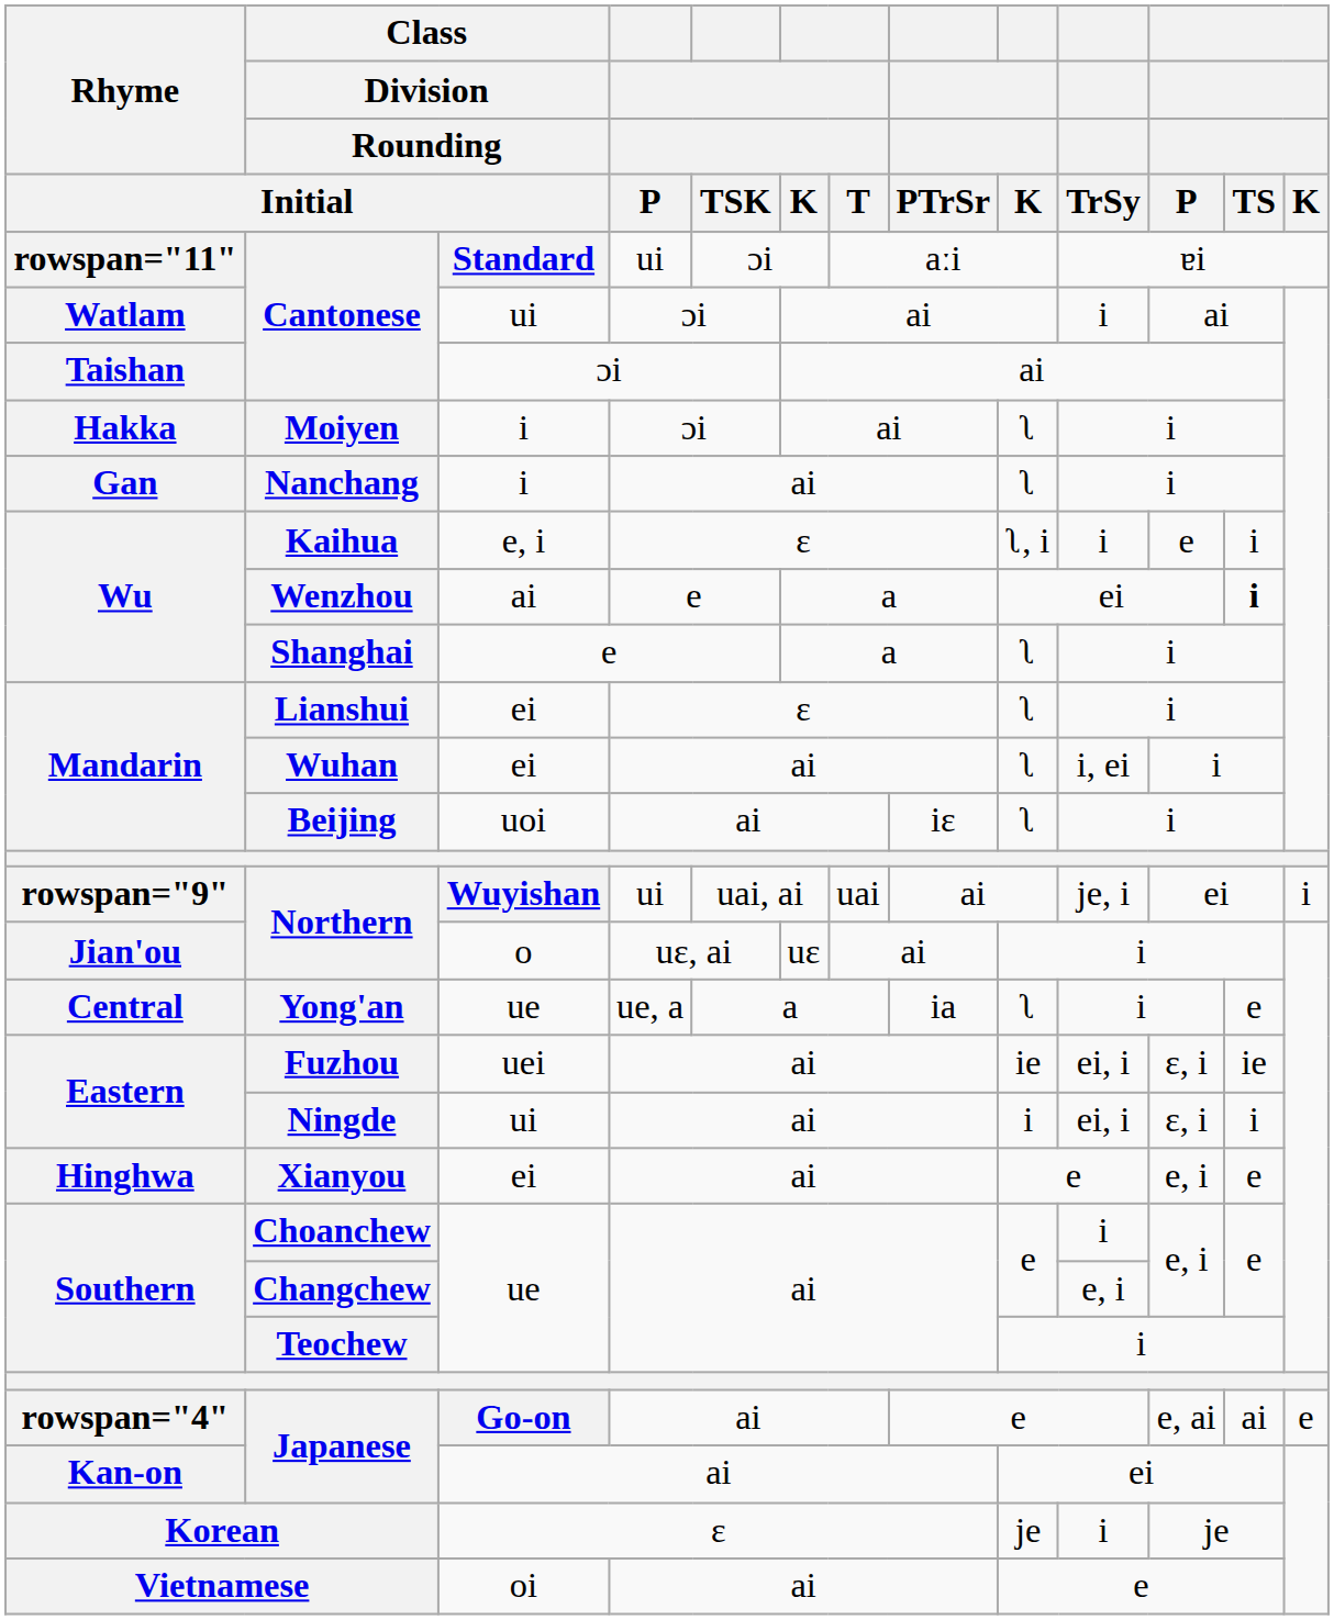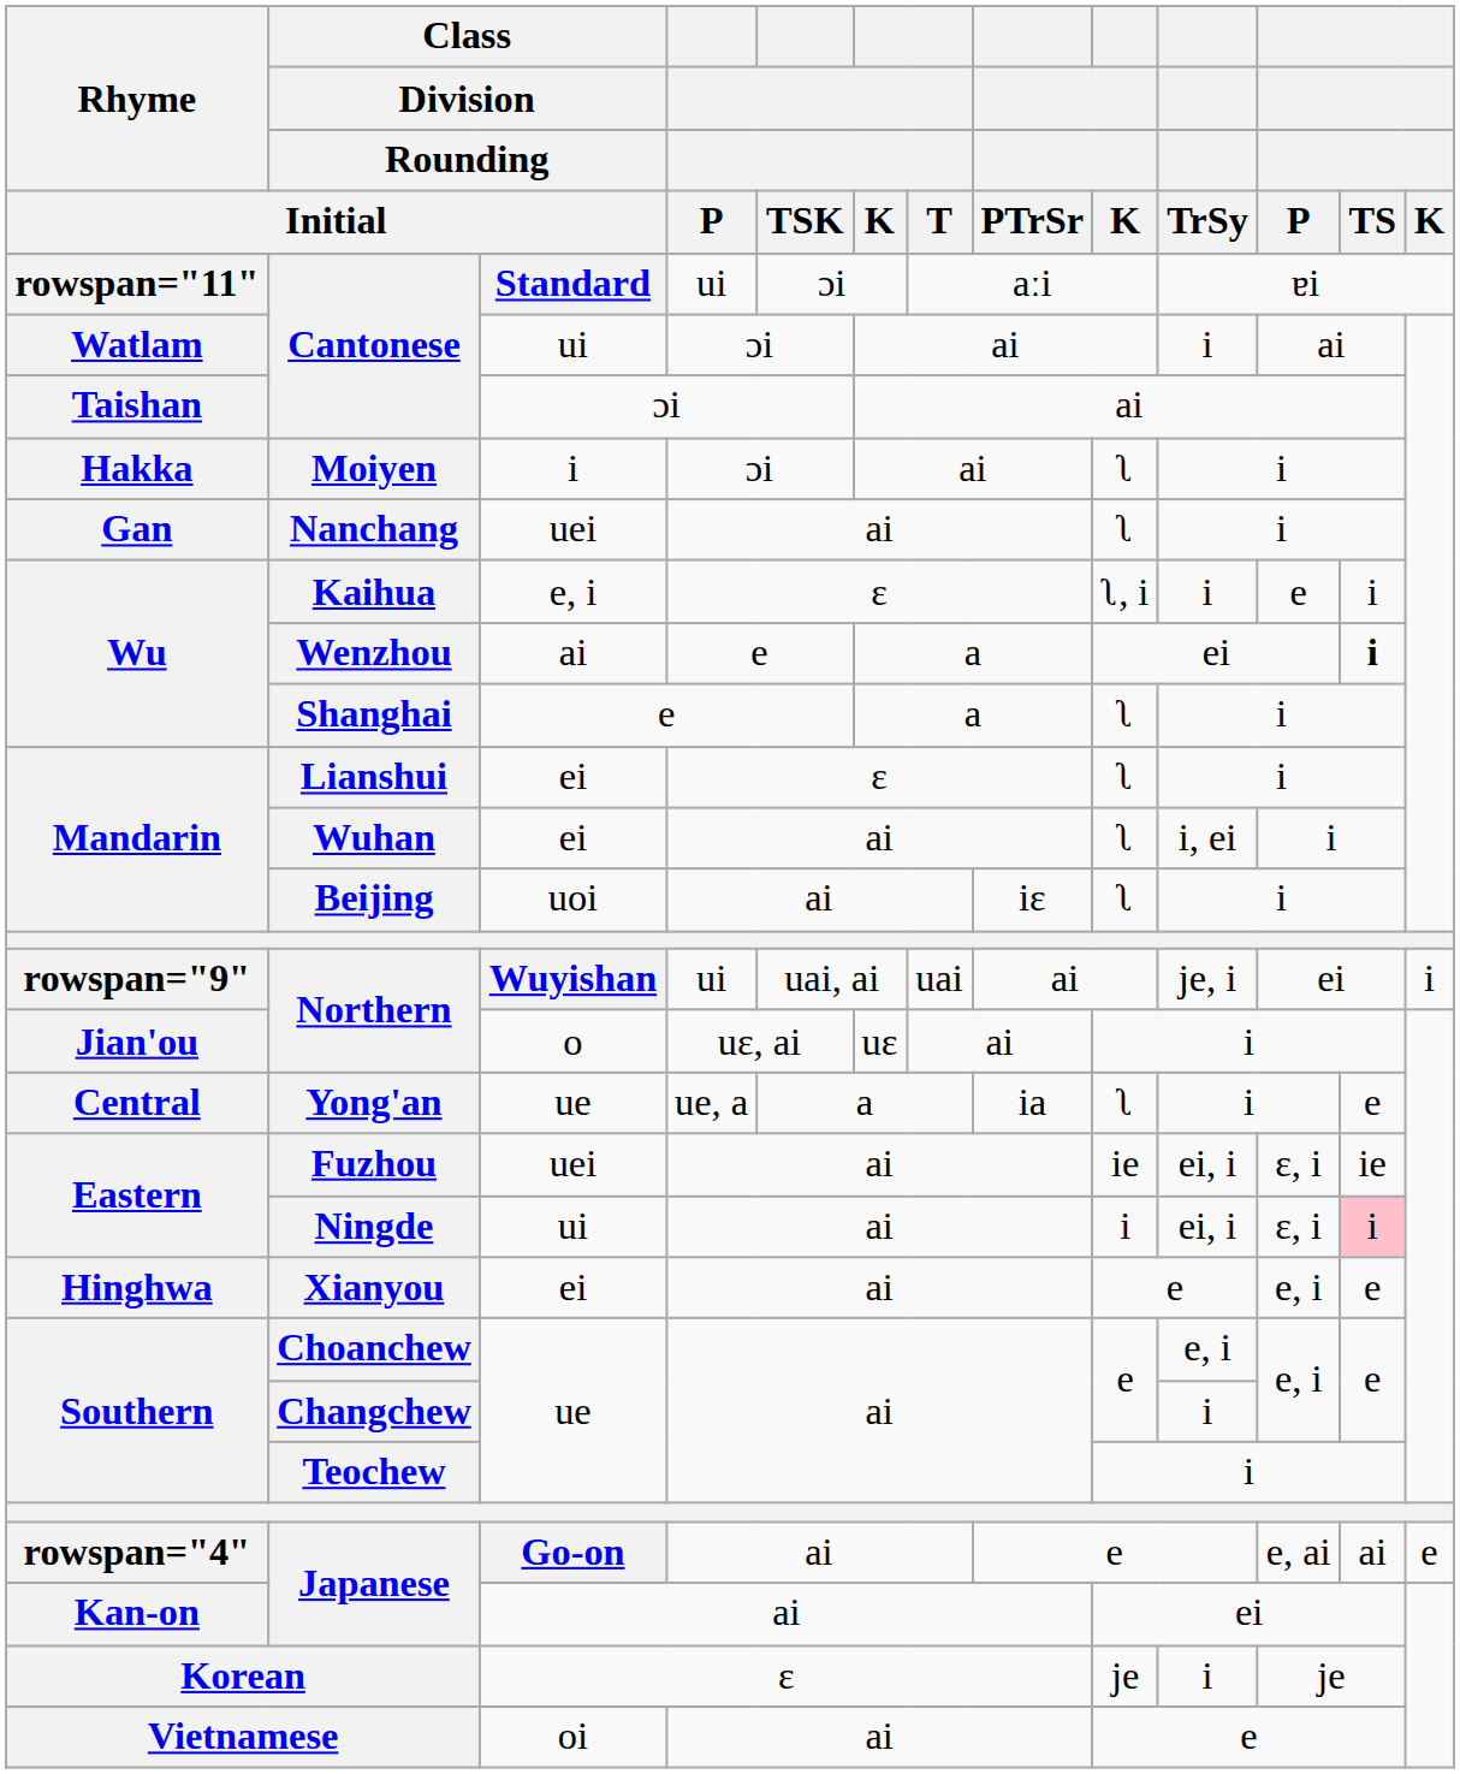 <table class="wikitable" style="text-align: center;">
 <tr>
 <th rowspan="3">Rhyme</th>
 <th colspan="2">Class</th>
 <th></th>
 <th></th>
 <th colspan="2"></th>
 <th></th>
 <th></th>
 <th></th>
 <th colspan="3"></th>
 </tr>
 <tr>
 <th colspan="2">Division</th>
 <th colspan="4"></th>
 <th colspan="2"></th>
 <th></th>
 <th colspan="3"></th>
 </tr>
 <tr>
 <th colspan="2">Rounding</th>
 <th colspan="4"></th>
 <th colspan="2"></th>
 <th></th>
 <th colspan="3"></th>
 </tr>
 <tr>
 <th colspan="3">Initial</th>
 <th>P</th>
 <th>TSK</th>
 <th>K</th>
 <th>T</th>
 <th>PTrSr</th>
 <th>K</th>
 <th>TrSy</th>
 <th>P</th>
 <th>TS</th>
 <th>K</th>
 </tr>
 <tr>
 <th>rowspan="11" </th>
 <th rowspan="3"><a href='#'>Cantonese</a></th>
 <th><a href='#'>Standard</a></th>
 <td>ui</td>
 <td colspan="2">ɔi</td>
 <td colspan="3">aːi</td>
 <td colspan="4">ɐi</td>
 </tr>
 <tr>
 <th><a href='#'>Watlam</a></th>
 <td>ui</td>
 <td colspan="2">ɔi</td>
 <td colspan="4">ai</td>
 <td>i</td>
 <td colspan="2">ai</td>
 </tr>
 <tr>
 <th><a href='#'>Taishan</a></th>
 <td colspan="3">ɔi</td>
 <td colspan="7">ai</td>
 </tr>
 <tr>
 <th><a href='#'>Hakka</a></th>
 <th><a href='#'>Moiyen</a></th>
 <td>i</td>
 <td colspan="2">ɔi</td>
 <td colspan="3">ai</td>
 <td>ʅ</td>
 <td colspan="3">i</td>
 </tr>
 <tr>
 <th><a href='#'>Gan</a></th>
 <th><a href='#'>Nanchang</a></th>
-<td>i</td>
+<td>uei</td>
 <td colspan="5">ai</td>
 <td>ʅ</td>
 <td colspan="3">i</td>
 </tr>
 <tr>
 <th rowspan="3"><a href='#'>Wu</a></th>
 <th><a href='#'>Kaihua</a></th>
 <td>e, i</td>
 <td colspan="5">ɛ</td>
 <td>ʅ, i</td>
 <td>i</td>
 <td>e</td>
 <td>i</td>
 </tr>
 <tr>
 <th><a href='#'>Wenzhou</a></th>
 <td>ai</td>
 <td colspan="2">e</td>
 <td colspan="3">a</td>
 <td colspan="3">ei</td>
 <td><strong>i</strong></td>
 </tr>
 <tr>
 <th><a href='#'>Shanghai</a></th>
 <td colspan="3">e</td>
 <td colspan="3">a</td>
 <td>ʅ</td>
 <td colspan="3">i</td>
 </tr>
 <tr>
 <th rowspan="3"><a href='#'>Mandarin</a></th>
 <th><a href='#'>Lianshui</a></th>
 <td>ei</td>
 <td colspan="5">ɛ</td>
 <td>ʅ</td>
 <td colspan="3">i</td>
 </tr>
 <tr>
 <th><a href='#'>Wuhan</a></th>
 <td>ei</td>
 <td colspan="5">ai</td>
 <td>ʅ</td>
 <td>i, ei</td>
 <td colspan="2">i</td>
 </tr>
 <tr>
 <th><a href='#'>Beijing</a></th>
 <td>uoi</td>
 <td colspan="4">ai</td>
 <td>iɛ</td>
 <td>ʅ</td>
 <td colspan="3">i</td>
 </tr>
 <tr>
 <th colspan="13"></th>
 </tr>
 <tr>
 <th>rowspan="9" </th>
 <th rowspan="2"><a href='#'>Northern</a></th>
 <th><a href='#'>Wuyishan</a></th>
 <td>ui</td>
 <td colspan="2">uai, ai</td>
 <td>uai</td>
 <td colspan="2">ai</td>
 <td>je, i</td>
 <td colspan="2">ei</td>
 <td>i</td>
 </tr>
 <tr>
 <th><a href='#'>Jian'ou</a></th>
 <td>o</td>
 <td colspan="2">uɛ, ai</td>
 <td>uɛ</td>
 <td colspan="2">ai</td>
 <td colspan="4">i</td>
 </tr>
 <tr>
 <th><a href='#'>Central</a></th>
 <th><a href='#'>Yong'an</a></th>
 <td>ue</td>
 <td>ue, a</td>
 <td colspan="3">a</td>
 <td>ia</td>
 <td>ʅ</td>
 <td colspan="2">i</td>
 <td>e</td>
 </tr>
 <tr>
 <th rowspan="2"><a href='#'>Eastern</a></th>
 <th><a href='#'>Fuzhou</a></th>
 <td>uei</td>
 <td colspan="5">ai</td>
 <td>ie</td>
 <td>ei, i</td>
 <td>ɛ, i</td>
 <td>ie</td>
 </tr>
 <tr>
 <th><a href='#'>Ningde</a></th>
 <td>ui</td>
 <td colspan="5">ai</td>
 <td>i</td>
 <td>ei, i</td>
 <td>ɛ, i</td>
-<td>i</td>
+<td style="background: pink;">i</td>
 </tr>
 <tr>
 <th><a href='#'>Hinghwa</a></th>
 <th><a href='#'>Xianyou</a></th>
 <td>ei</td>
 <td colspan="5">ai</td>
 <td colspan="2">e</td>
 <td>e, i</td>
 <td>e</td>
 </tr>
 <tr>
 <th rowspan="3"><a href='#'>Southern</a></th>
 <th><a href='#'>Choanchew</a></th>
 <td rowspan="3">ue</td>
 <td colspan="5" rowspan="3">ai</td>
 <td rowspan="2">e</td>
-<td>i</td>
+<td>e, i</td>
 <td rowspan="2">e, i</td>
 <td rowspan="2">e</td>
 </tr>
 <tr>
 <th><a href='#'>Changchew</a></th>
-<td>e, i</td>
+<td>i</td>
 </tr>
 <tr>
 <th><a href='#'>Teochew</a></th>
 <td colspan="4">i</td>
 </tr>
 <tr>
 <th colspan="13"></th>
 </tr>
 <tr>
 <th>rowspan="4" </th>
 <th rowspan="2"><a href='#'>Japanese</a></th>
 <th><a href='#'>Go-on</a></th>
 <td colspan="4">ai</td>
 <td colspan="3">e</td>
 <td>e, ai</td>
 <td>ai</td>
 <td>e</td>
 </tr>
 <tr>
 <th><a href='#'>Kan-on</a></th>
 <td colspan="6">ai</td>
 <td colspan="4">ei</td>
 </tr>
 <tr>
 <th colspan="2"><a href='#'>Korean</a></th>
 <td colspan="6">ɛ</td>
 <td>je</td>
 <td>i</td>
 <td colspan="2">je</td>
 </tr>
 <tr>
 <th colspan="2"><a href='#'>Vietnamese</a></th>
 <td>oi</td>
 <td colspan="5">ai</td>
 <td colspan="4">e</td>
 </tr>
 </table>
